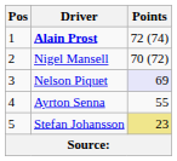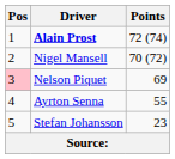 <table class="wikitable" style="font-size: 95%;">
 <tr>
 <th>Pos</th>
 <th>Driver</th>
 <th>Points</th>
 </tr>
 <tr>
 <td>1</td>
 <td> <strong><a href='#'>Alain Prost</a></strong></td>
 <td align="right">72 (74)</td>
 </tr>
 <tr>
 <td>2</td>
 <td> <a href='#'>Nigel Mansell</a></td>
 <td align="right">70 (72)</td>
 </tr>
 <tr>
-<td>3</td>
+<td style="background: pink;">3</td>
 <td> <a href='#'>Nelson Piquet</a></td>
-<td align="right" style="background: lavender;">69</td>
+<td align="right">69</td>
 </tr>
 <tr>
 <td>4</td>
 <td> <a href='#'>Ayrton Senna</a></td>
 <td align="right">55</td>
 </tr>
 <tr>
 <td>5</td>
 <td> <a href='#'>Stefan Johansson</a></td>
-<td align="right" style="background: khaki;">23</td>
+<td align="right">23</td>
 </tr>
 <tr>
 <th colspan=3>Source:</th>
 </tr>
 </table>
